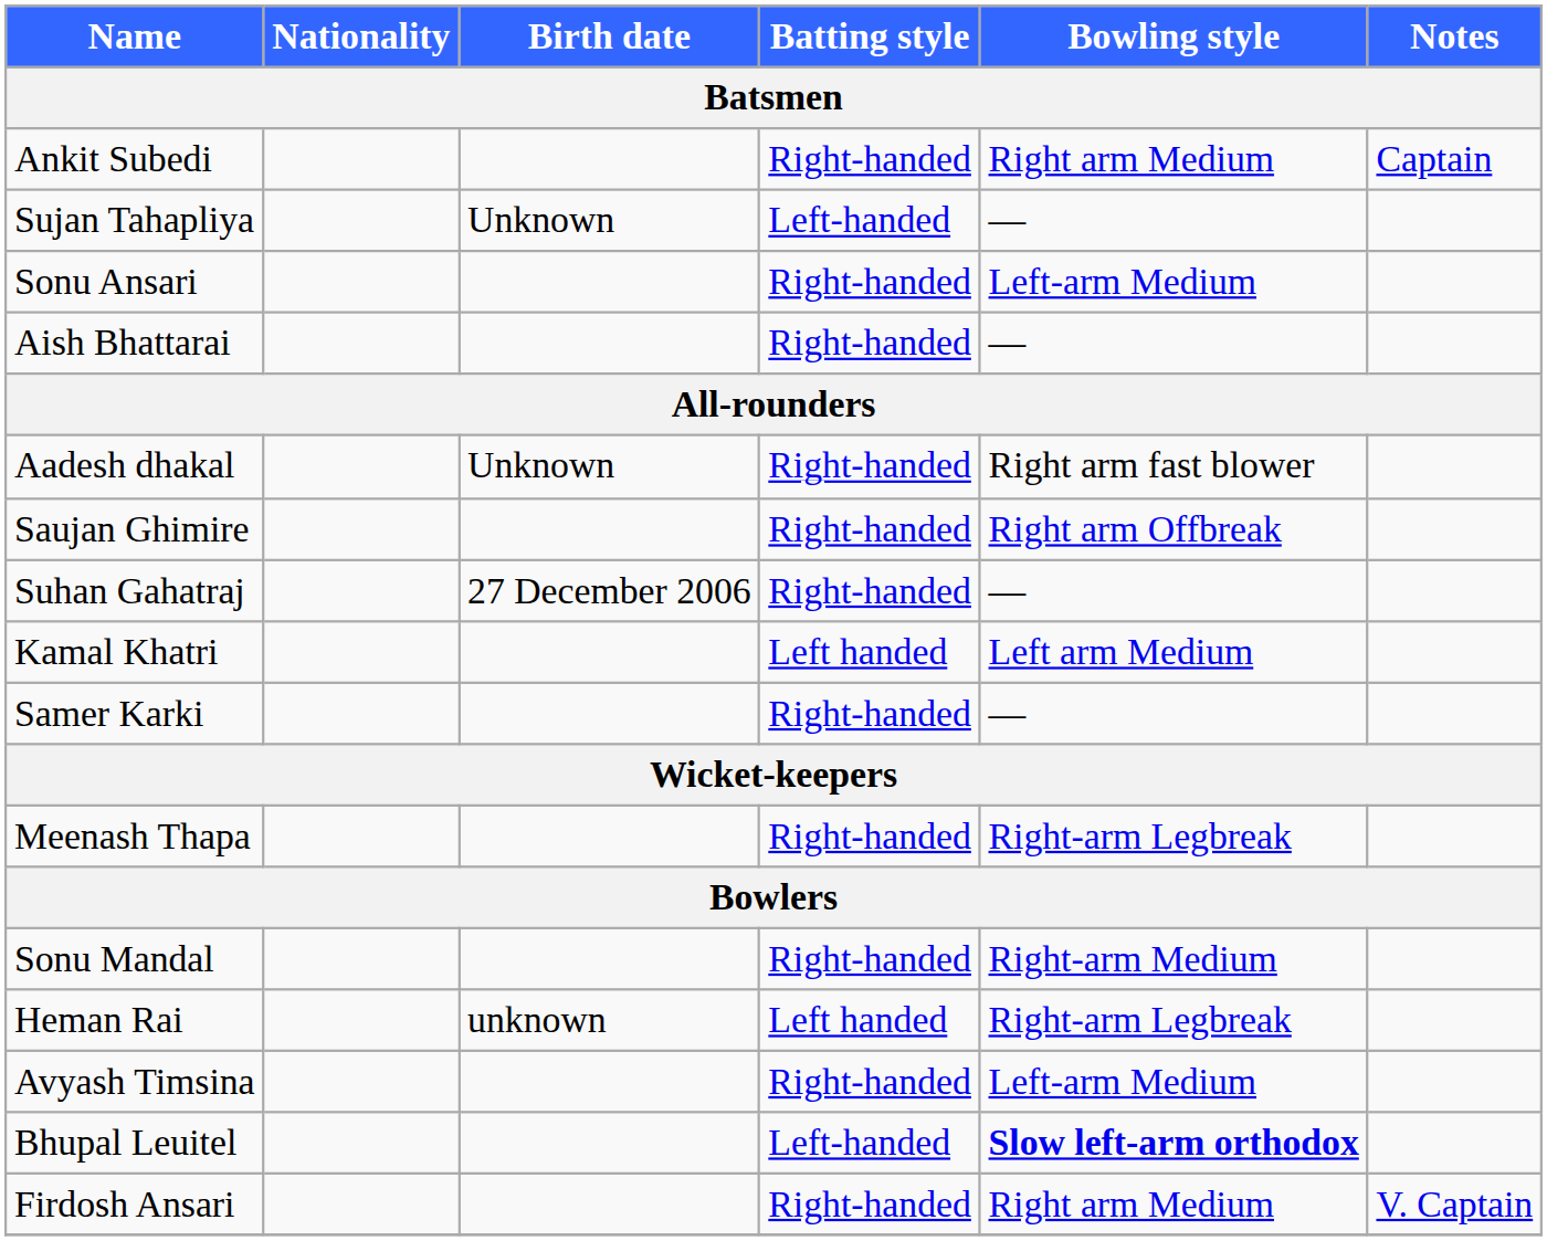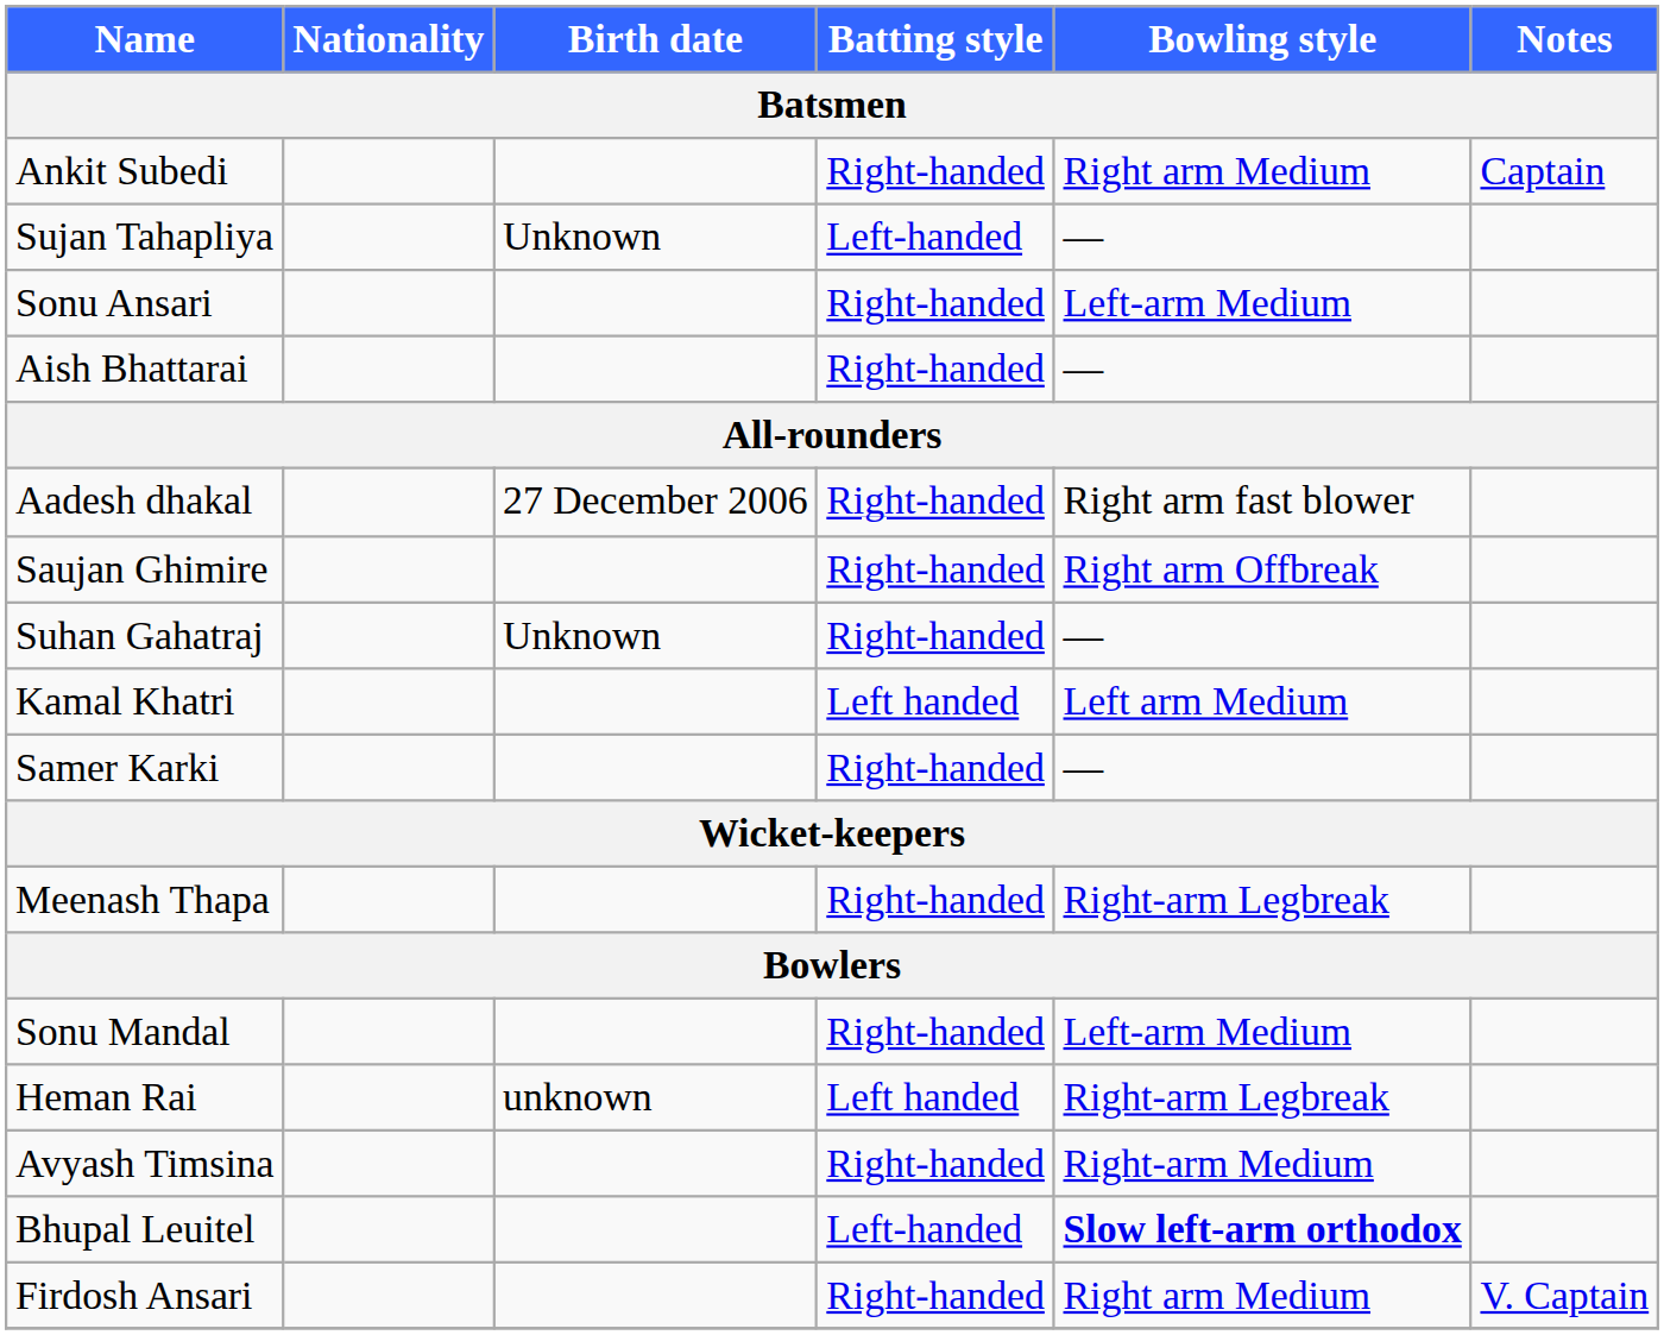 <table class="wikitable" style="font-size:95%;">
 <tr>
 <th style="background:#36F; color:white; text-align:centre;">Name</th>
 <th style="background:#36F; color:white; text-align:centre;">Nationality</th>
 <th style="background:#36F; color:white; text-align:centre;">Birth date</th>
 <th style="background:#36F; color:white; text-align:centre;">Batting style</th>
 <th style="background:#36F; color:white; text-align:centre;">Bowling style</th>
 <th style="background:#36F; color:white; text-align:centre;">Notes</th>
 </tr>
 <tr>
 <th colspan="6">Batsmen</th>
 </tr>
 <tr>
 <td>Ankit Subedi</td>
 <td></td>
 <td></td>
 <td><a href='#'>Right-handed</a></td>
 <td><a href='#'>Right arm Medium</a></td>
 <td><a href='#'>Captain</a></td>
 </tr>
 <tr>
 <td>Sujan Tahapliya</td>
 <td></td>
 <td>Unknown</td>
 <td><a href='#'>Left-handed</a></td>
 <td>—</td>
 <td></td>
 </tr>
 <tr>
 <td>Sonu Ansari</td>
 <td></td>
 <td></td>
 <td><a href='#'>Right-handed</a></td>
 <td><a href='#'>Left-arm Medium</a></td>
 <td></td>
 </tr>
 <tr>
 <td>Aish Bhattarai</td>
 <td></td>
 <td></td>
 <td><a href='#'>Right-handed</a></td>
 <td>—</td>
 <td></td>
 </tr>
 <tr>
 <th colspan="6">All-rounders</th>
 </tr>
 <tr>
 <td>Aadesh dhakal</td>
 <td></td>
-<td>Unknown</td>
+<td>27 December 2006</td>
 <td><a href='#'>Right-handed</a></td>
 <td>Right arm fast blower</td>
 </tr>
 <tr>
 <td>Saujan Ghimire</td>
 <td></td>
 <td></td>
 <td><a href='#'>Right-handed</a></td>
 <td><a href='#'>Right arm Offbreak</a></td>
 <td></td>
 </tr>
 <tr>
 <td>Suhan Gahatraj</td>
 <td></td>
-<td>27 December 2006</td>
+<td>Unknown</td>
 <td><a href='#'>Right-handed</a></td>
 <td>—</td>
 <td></td>
 </tr>
 <tr>
 <td>Kamal Khatri</td>
 <td></td>
 <td></td>
 <td><a href='#'>Left handed</a></td>
 <td><a href='#'>Left arm Medium</a></td>
 <td></td>
 </tr>
 <tr>
 <td>Samer Karki</td>
 <td></td>
 <td></td>
 <td><a href='#'>Right-handed</a></td>
 <td>—</td>
 <td></td>
 </tr>
 <tr>
 <th colspan="6">Wicket-keepers</th>
 </tr>
 <tr>
 <td>Meenash Thapa</td>
 <td></td>
 <td></td>
 <td><a href='#'>Right-handed</a></td>
 <td><a href='#'>Right-arm Legbreak</a></td>
 <td></td>
 </tr>
 <tr>
 <th colspan="6">Bowlers</th>
 </tr>
 <tr>
 <td>Sonu Mandal</td>
 <td></td>
 <td></td>
 <td><a href='#'>Right-handed</a></td>
-<td><a href='#'>Right-arm Medium</a></td>
+<td><a href='#'>Left-arm Medium</a></td>
 <td></td>
 </tr>
 <tr>
 <td>Heman Rai</td>
 <td></td>
 <td>unknown</td>
 <td><a href='#'>Left handed</a></td>
 <td><a href='#'>Right-arm Legbreak</a></td>
 <td></td>
 </tr>
 <tr>
 <td>Avyash Timsina</td>
 <td></td>
 <td></td>
 <td><a href='#'>Right-handed</a></td>
-<td><a href='#'>Left-arm Medium</a></td>
+<td><a href='#'>Right-arm Medium</a></td>
 <td></td>
 </tr>
 <tr>
 <td>Bhupal Leuitel</td>
 <td></td>
 <td></td>
 <td><a href='#'>Left-handed</a></td>
 <td><strong><a href='#'>Slow left-arm orthodox</a></strong></td>
 <td></td>
 </tr>
 <tr>
 <td>Firdosh Ansari</td>
 <td></td>
 <td></td>
 <td><a href='#'>Right-handed</a></td>
 <td><a href='#'>Right arm Medium</a></td>
 <td><a href='#'>V. Captain</a></td>
 </tr>
 <tr>
 </tr>
 </table>
